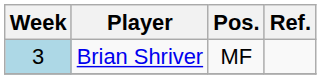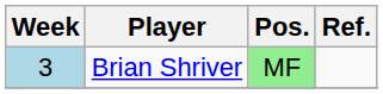 <table class="wikitable" style="font-size: 95%; text-align: center;">
 <tr>
 <th>Week</th>
 <th>Player</th>
 <th>Pos.</th>
 <th>Ref.</th>
 </tr>
 <tr>
 <td style="background: lightblue;">3</td>
 <td><a href='#'>Brian Shriver</a></td>
-<td>MF</td>
+<td style="background: lightgreen;">MF</td>
 <td></td>
 </tr>
 <tr>
 </tr>
 </table>
